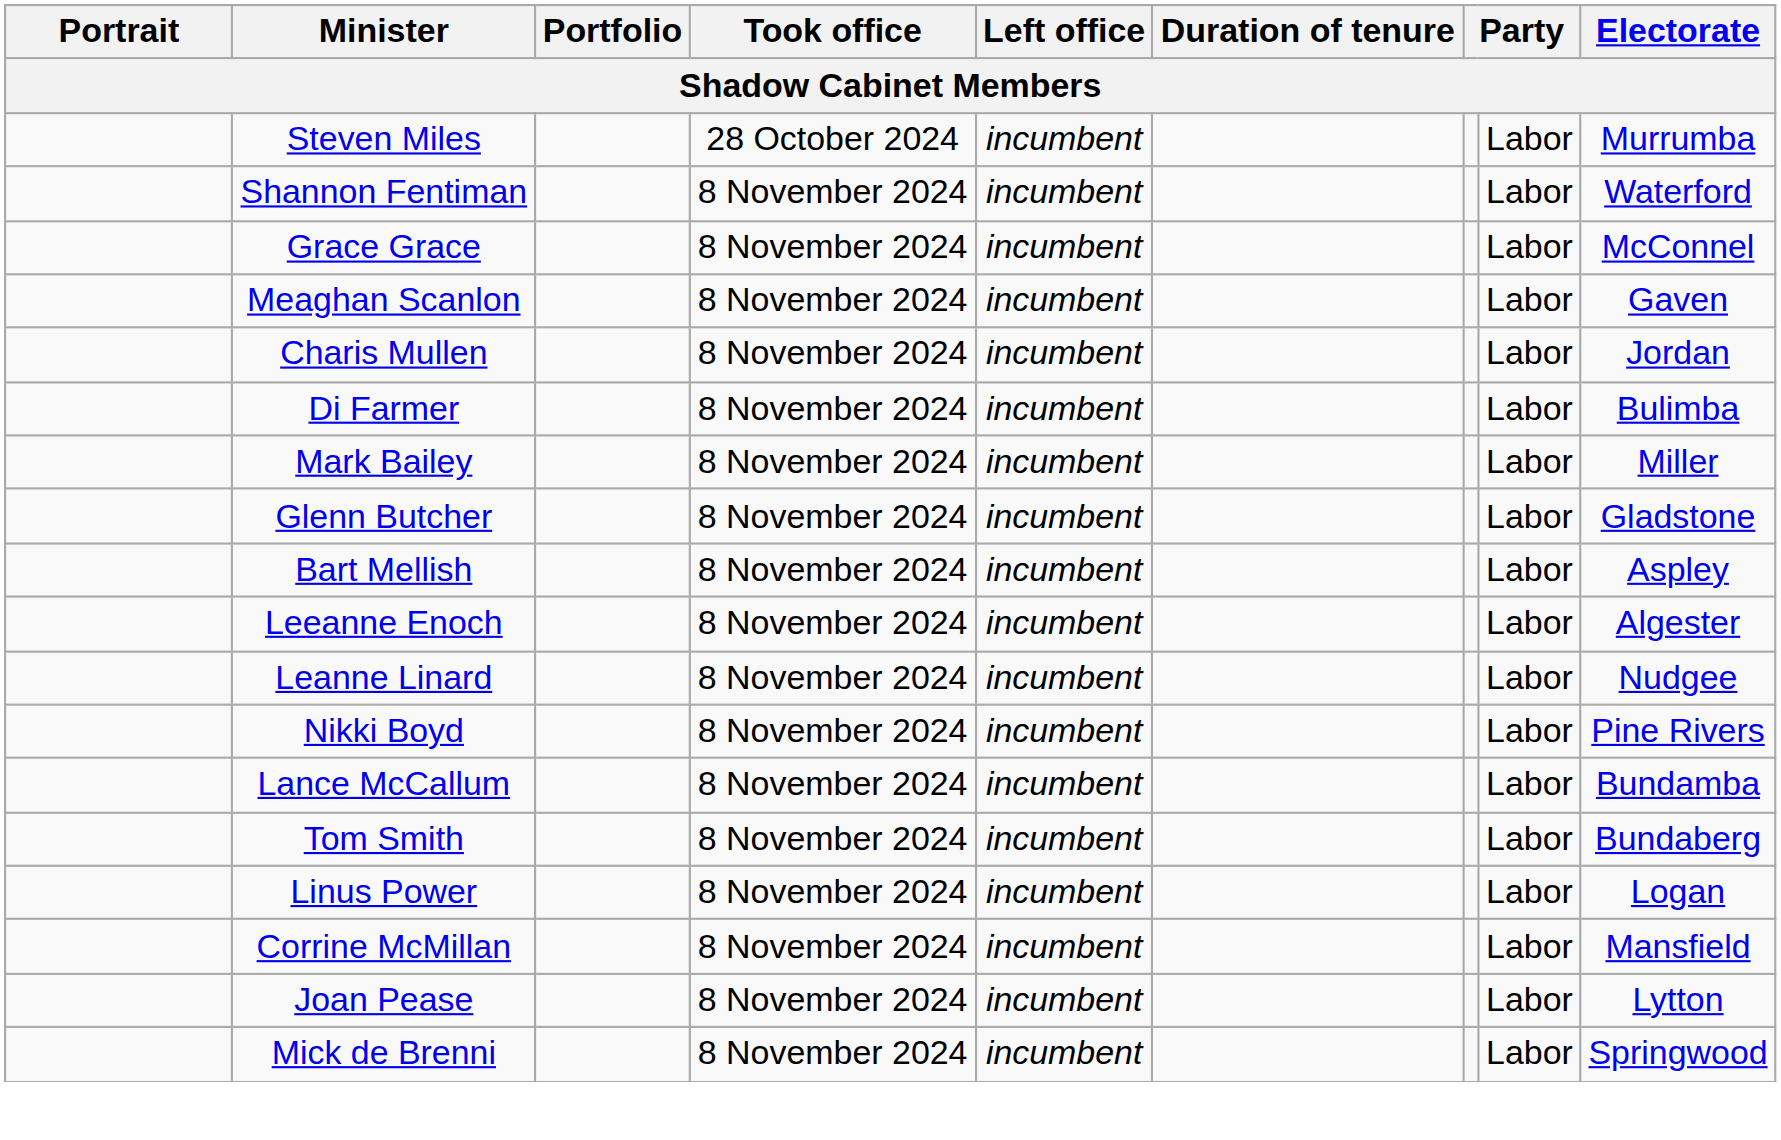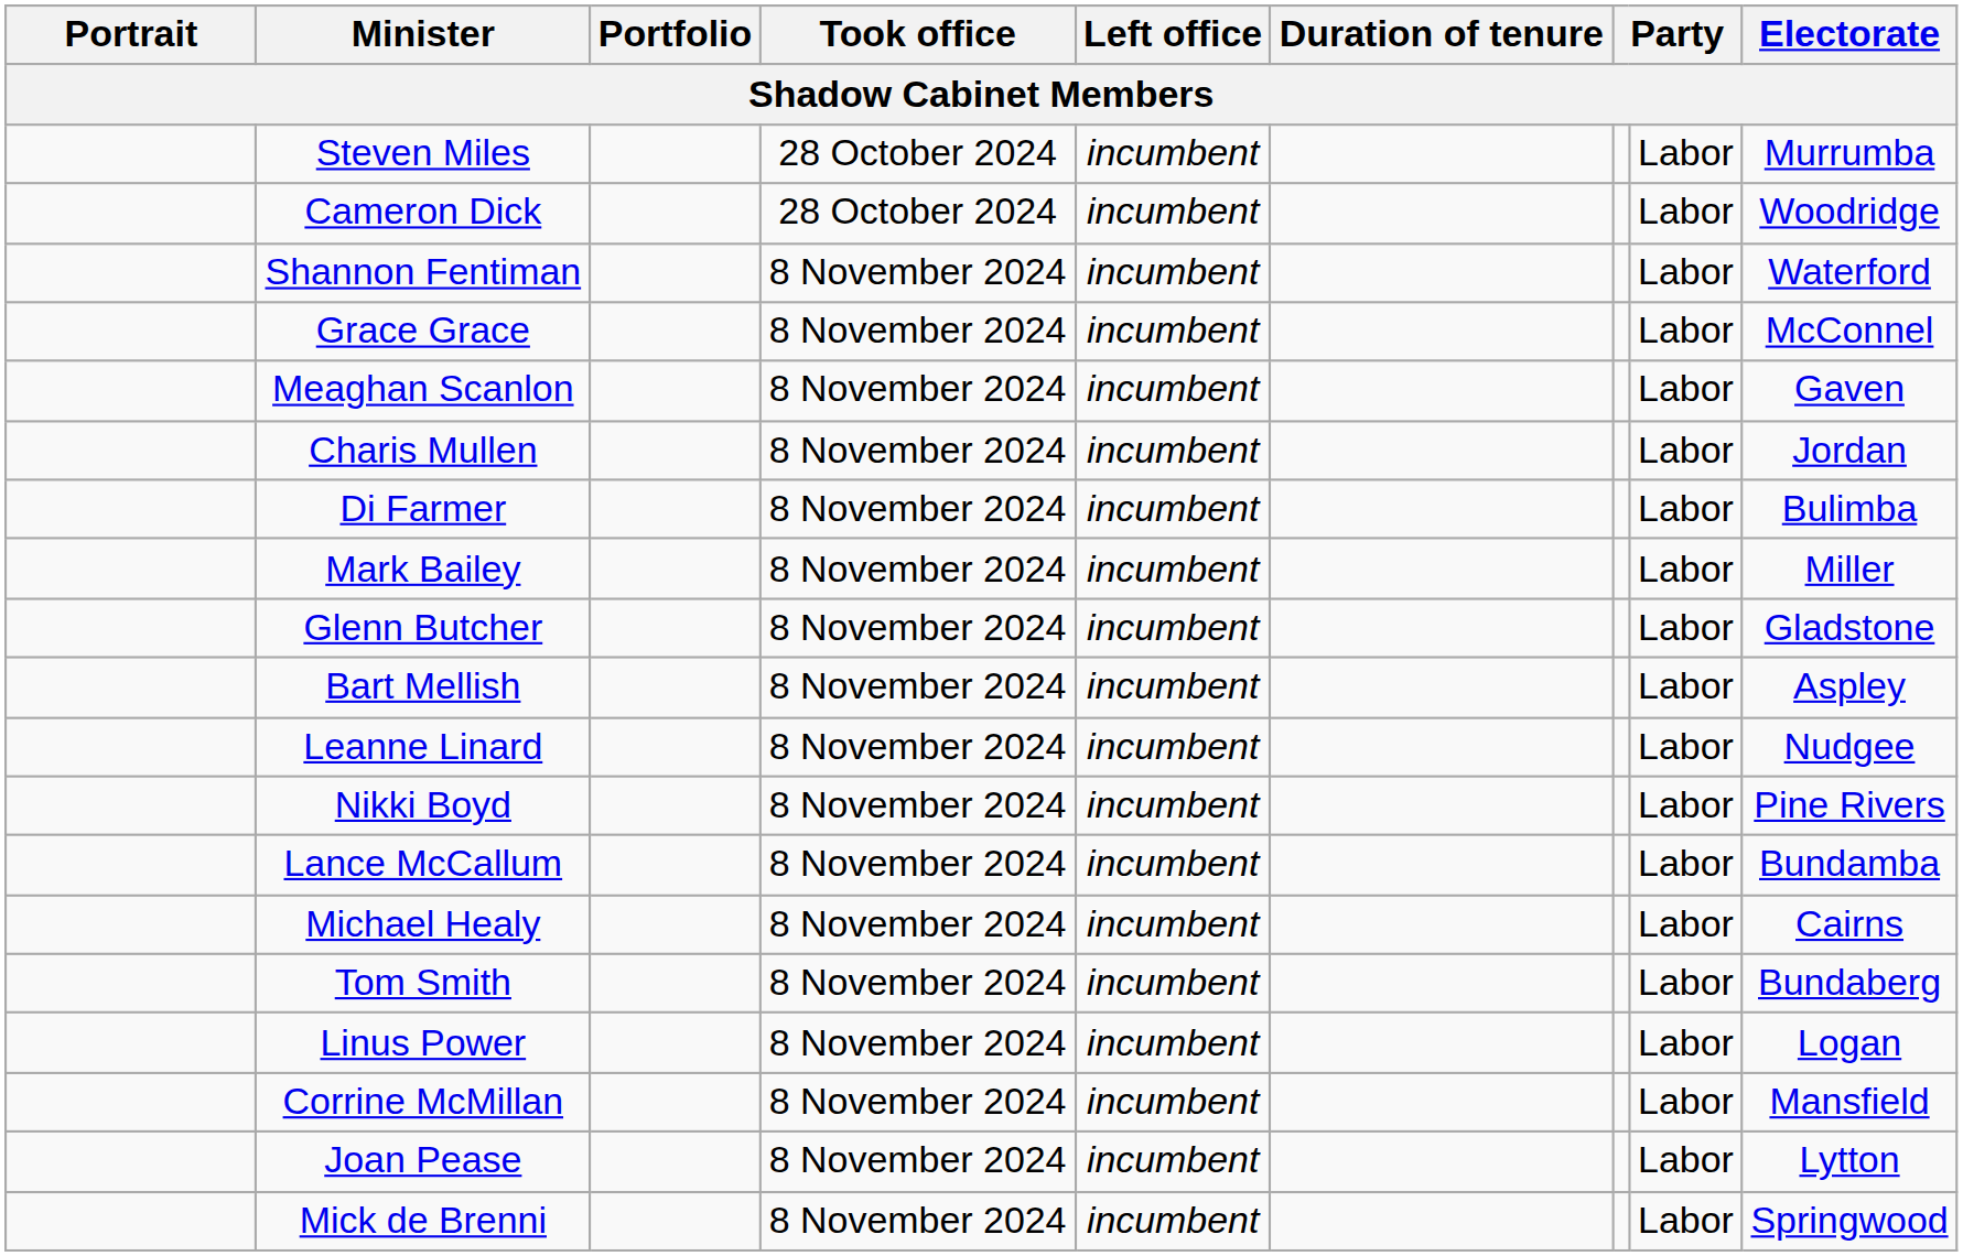 <table class="wikitable sortable" style="border:#555; text-align:center; ">
 <tr>
 <th class="unsortable" style="width:100px;">Portrait</th>
 <th>Minister</th>
 <th>Portfolio</th>
 <th>Took office</th>
 <th>Left office</th>
 <th>Duration of tenure</th>
 <th colspan="2" class="unsortable" style="width:5px;">Party</th>
 <th><a href='#'>Electorate</a></th>
 </tr>
 <tr>
 <th colspan="9">Shadow Cabinet Members</th>
 </tr>
 <tr>
 <td></td>
 <td><a href='#'>Steven Miles</a></td>
 <td></td>
 <td>28 October 2024</td>
 <td><em>incumbent</em></td>
 <td></td>
 <td style="background-color: "></td>
 <td>Labor</td>
 <td><a href='#'>Murrumba</a></td>
+</tr>
+<tr>
+<td></td>
+<td><a href='#'>Cameron Dick</a></td>
+<td></td>
+<td>28 October 2024</td>
+<td><em>incumbent</em></td>
+<td></td>
+<td style="background-color: "></td>
+<td>Labor</td>
+<td><a href='#'>Woodridge</a></td>
 </tr>
 <tr>
 <td></td>
 <td><a href='#'>Shannon Fentiman</a></td>
 <td></td>
 <td>8 November 2024</td>
 <td><em>incumbent</em></td>
 <td></td>
 <td style="background-color: "></td>
 <td>Labor</td>
 <td><a href='#'>Waterford</a></td>
 </tr>
 <tr>
 <td></td>
 <td><a href='#'>Grace Grace</a></td>
 <td></td>
 <td>8 November 2024</td>
 <td><em>incumbent</em></td>
 <td></td>
 <td style="background-color: "></td>
 <td>Labor</td>
 <td><a href='#'>McConnel</a></td>
 </tr>
 <tr>
 <td></td>
 <td><a href='#'>Meaghan Scanlon</a></td>
 <td></td>
 <td>8 November 2024</td>
 <td><em>incumbent</em></td>
 <td></td>
 <td style="background-color: "></td>
 <td>Labor</td>
 <td><a href='#'>Gaven</a></td>
 </tr>
 <tr>
 <td></td>
 <td><a href='#'>Charis Mullen</a></td>
 <td></td>
 <td>8 November 2024</td>
 <td><em>incumbent</em></td>
 <td></td>
 <td style="background-color: "></td>
 <td>Labor</td>
 <td><a href='#'>Jordan</a></td>
 </tr>
 <tr>
 <td></td>
 <td><a href='#'>Di Farmer</a></td>
 <td></td>
 <td>8 November 2024</td>
 <td><em>incumbent</em></td>
 <td></td>
 <td style="background-color: "></td>
 <td>Labor</td>
 <td><a href='#'>Bulimba</a></td>
 </tr>
 <tr>
 <td></td>
 <td><a href='#'>Mark Bailey</a></td>
 <td></td>
 <td>8 November 2024</td>
 <td><em>incumbent</em></td>
 <td></td>
 <td style="background-color: "></td>
 <td>Labor</td>
 <td><a href='#'>Miller</a></td>
 </tr>
 <tr>
 <td></td>
 <td><a href='#'>Glenn Butcher</a></td>
 <td></td>
 <td>8 November 2024</td>
 <td><em>incumbent</em></td>
 <td></td>
 <td style="background-color: "></td>
 <td>Labor</td>
 <td><a href='#'>Gladstone</a></td>
 </tr>
 <tr>
 <td></td>
 <td><a href='#'>Bart Mellish</a></td>
 <td></td>
 <td>8 November 2024</td>
 <td><em>incumbent</em></td>
 <td></td>
 <td style="background-color: "></td>
 <td>Labor</td>
 <td><a href='#'>Aspley</a></td>
 </tr>
 <tr>
 <td></td>
-<td><a href='#'>Leeanne Enoch</a></td>
-<td></td>
-<td>8 November 2024</td>
-<td><em>incumbent</em></td>
-<td></td>
-<td style="background-color: "></td>
-<td>Labor</td>
-<td><a href='#'>Algester</a></td>
-</tr>
-<tr>
-<td></td>
 <td><a href='#'>Leanne Linard</a></td>
 <td></td>
 <td>8 November 2024</td>
 <td><em>incumbent</em></td>
 <td></td>
 <td style="background-color: "></td>
 <td>Labor</td>
 <td><a href='#'>Nudgee</a></td>
 </tr>
 <tr>
 <td></td>
 <td><a href='#'>Nikki Boyd</a></td>
 <td></td>
 <td>8 November 2024</td>
 <td><em>incumbent</em></td>
 <td></td>
 <td style="background-color: "></td>
 <td>Labor</td>
 <td><a href='#'>Pine Rivers</a></td>
 </tr>
 <tr>
 <td></td>
 <td><a href='#'>Lance McCallum</a></td>
 <td></td>
 <td>8 November 2024</td>
 <td><em>incumbent</em></td>
 <td></td>
 <td style="background-color: "></td>
 <td>Labor</td>
 <td><a href='#'>Bundamba</a></td>
+</tr>
+<tr>
+<td></td>
+<td><a href='#'>Michael Healy</a></td>
+<td></td>
+<td>8 November 2024</td>
+<td><em>incumbent</em></td>
+<td></td>
+<td style="background-color: "></td>
+<td>Labor</td>
+<td><a href='#'>Cairns</a></td>
 </tr>
 <tr>
 <td></td>
 <td><a href='#'>Tom Smith</a></td>
 <td></td>
 <td>8 November 2024</td>
 <td><em>incumbent</em></td>
 <td></td>
 <td style="background-color: "></td>
 <td>Labor</td>
 <td><a href='#'>Bundaberg</a></td>
 </tr>
 <tr>
 <td></td>
 <td><a href='#'>Linus Power</a></td>
 <td></td>
 <td>8 November 2024</td>
 <td><em>incumbent</em></td>
 <td></td>
 <td style="background-color: "></td>
 <td>Labor</td>
 <td><a href='#'>Logan</a></td>
 </tr>
 <tr>
 <td></td>
 <td><a href='#'>Corrine McMillan</a></td>
 <td></td>
 <td>8 November 2024</td>
 <td><em>incumbent</em></td>
 <td></td>
 <td style="background-color: "></td>
 <td>Labor</td>
 <td><a href='#'>Mansfield</a></td>
 </tr>
 <tr>
 <td></td>
 <td><a href='#'>Joan Pease</a></td>
 <td></td>
 <td>8 November 2024</td>
 <td><em>incumbent</em></td>
 <td></td>
 <td style="background-color: "></td>
 <td>Labor</td>
 <td><a href='#'>Lytton</a></td>
 </tr>
 <tr>
 <td></td>
 <td><a href='#'>Mick de Brenni</a></td>
 <td></td>
 <td>8 November 2024</td>
 <td><em>incumbent</em></td>
 <td></td>
 <td style="background-color: "></td>
 <td>Labor</td>
 <td><a href='#'>Springwood</a></td>
 </tr>
 </table>
